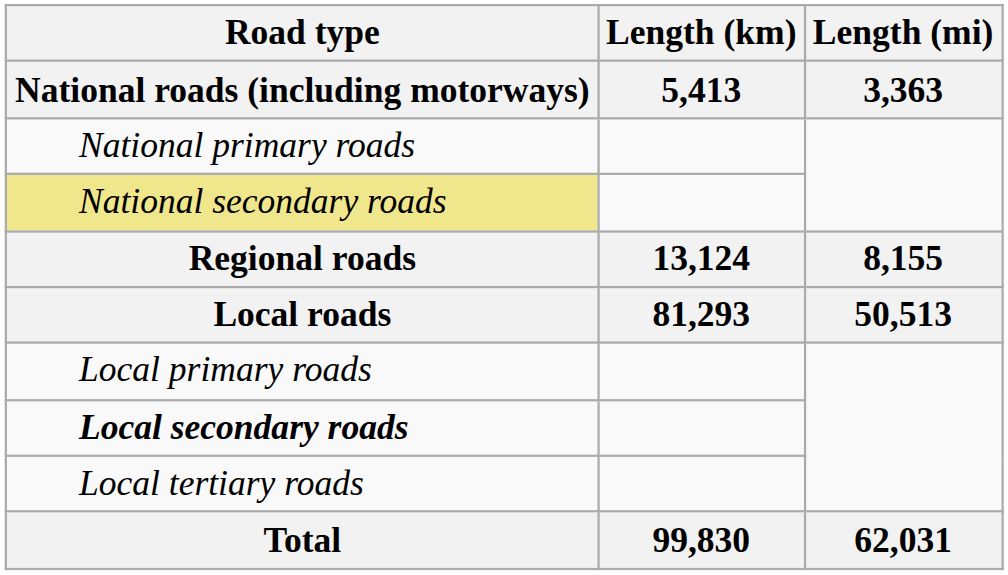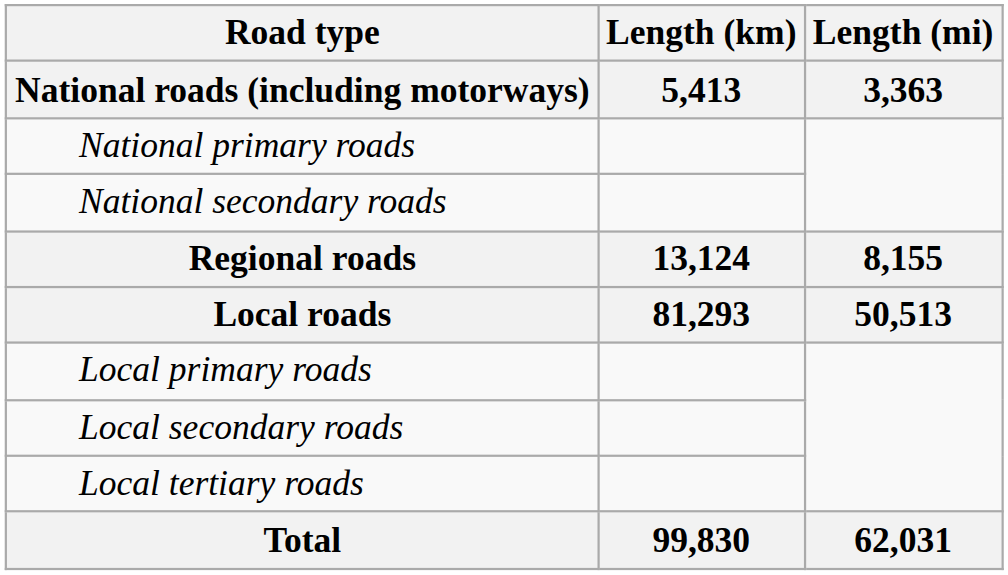 <table class="wikitable plainrowheaders" style="margin:auto">
 <tr>
 <th>Road type</th>
 <th>Length (km)</th>
 <th>Length (mi)</th>
 </tr>
 <tr>
 <th scope=row><strong>National roads</strong> (including motorways)</th>
 <th align=right>5,413</th>
 <th align=right>3,363</th>
 </tr>
 <tr>
 <td style="padding-left: 2em;"><em>National primary roads</em></td>
 <td></td>
 </tr>
 <tr>
-<td style="background: khaki; padding-left: 2em;"><em>National secondary roads</em></td>
+<td style="padding-left: 2em;"><em>National secondary roads</em></td>
 <td></td>
 </tr>
 <tr>
 <th scope=row><strong>Regional roads</strong></th>
 <th>13,124</th>
 <th>8,155</th>
 </tr>
 <tr>
 <th scope=row><strong>Local roads</strong></th>
 <th>81,293</th>
 <th>50,513</th>
 </tr>
 <tr>
 <td style="padding-left: 2em;"><em>Local primary roads</em></td>
 <td></td>
 </tr>
 <tr>
-<td style="padding-left: 2em;"><strong><em>Local secondary roads</em></strong></td>
+<td style="padding-left: 2em;"><em>Local secondary roads</em></td>
 <td></td>
 </tr>
 <tr>
 <td style="padding-left: 2em;"><em>Local tertiary roads</em></td>
 <td></td>
 </tr>
 <tr>
 <th>Total</th>
 <th>99,830</th>
 <th>62,031</th>
 </tr>
 </table>
